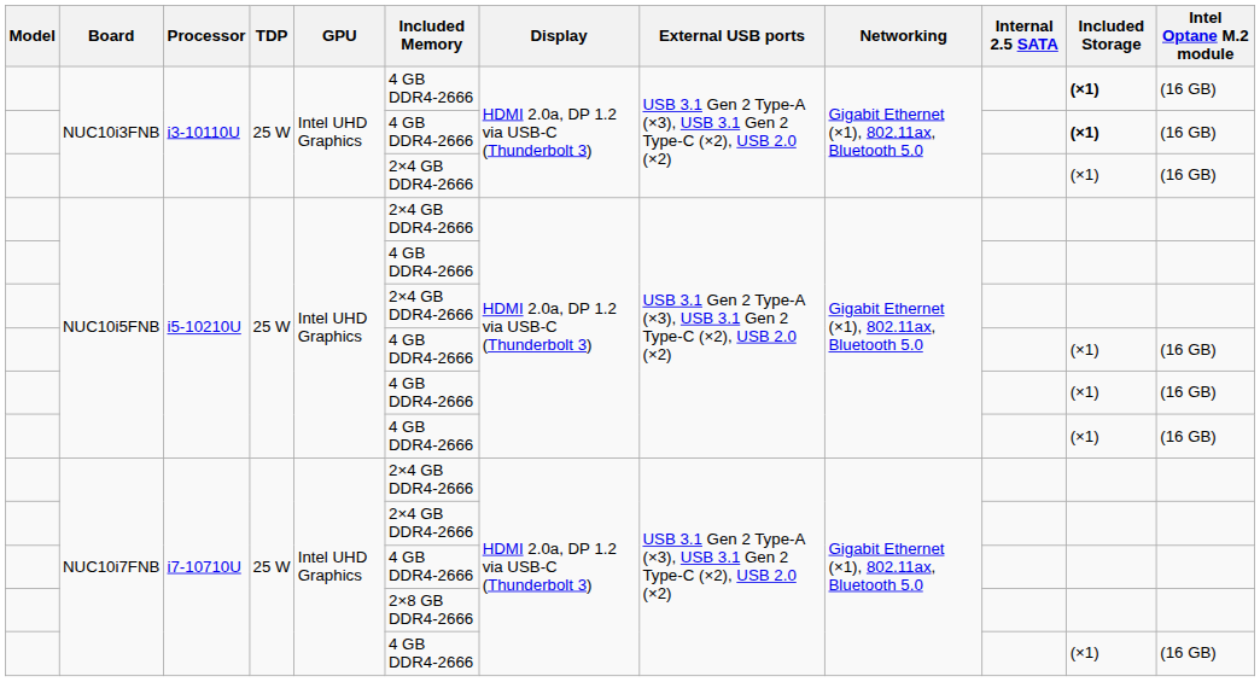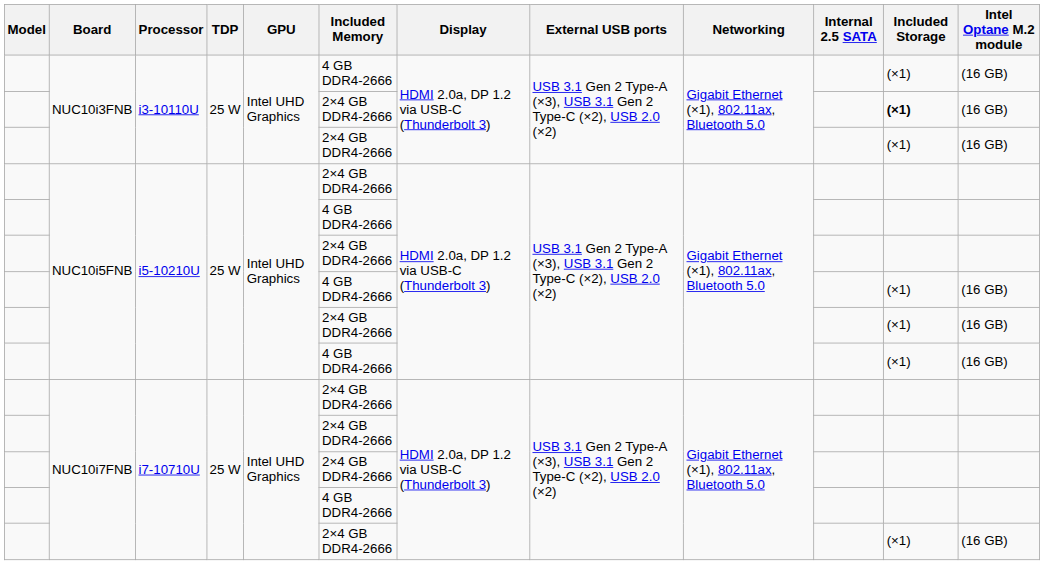 <table class="wikitable">
 <tr>
 <th>Model</th>
 <th>Board</th>
 <th>Processor</th>
 <th>TDP</th>
 <th>GPU</th>
 <th>Included Memory</th>
 <th>Display</th>
 <th>External USB ports</th>
 <th>Networking</th>
 <th>Internal 2.5 <a href='#'>SATA</a></th>
 <th>Included Storage</th>
 <th>Intel <a href='#'>Optane</a> M.2 module</th>
 </tr>
 <tr>
 <td></td>
 <td rowspan="3">NUC10i3FNB</td>
 <td rowspan="3"><a href='#'>i3-10110U</a></td>
 <td rowspan="3">25 W</td>
 <td rowspan="3">Intel UHD Graphics</td>
 <td>4 GB DDR4-2666</td>
 <td rowspan="3"><a href='#'>HDMI</a> 2.0a, DP 1.2 via USB-C (<a href='#'>Thunderbolt 3</a>)</td>
 <td rowspan="3"><a href='#'>USB 3.1</a> Gen 2 Type-A (×3), <a href='#'>USB 3.1</a> Gen 2 Type-C (×2), <a href='#'>USB 2.0</a> (×2)</td>
 <td rowspan="3"><a href='#'>Gigabit Ethernet</a> (×1), <a href='#'>802.11ax</a>, <a href='#'>Bluetooth 5.0</a></td>
 <td></td>
-<td><strong> (×1)</strong></td>
+<td> (×1)</td>
 <td> (16 GB)</td>
 </tr>
 <tr>
 <td></td>
-<td>4 GB DDR4-2666</td>
+<td>2×4 GB DDR4-2666</td>
 <td></td>
 <td><strong> (×1)</strong></td>
 <td> (16 GB)</td>
 </tr>
 <tr>
 <td></td>
 <td>2×4 GB DDR4-2666</td>
 <td></td>
 <td> (×1)</td>
 <td> (16 GB)</td>
 </tr>
 <tr>
 <td></td>
 <td rowspan="6">NUC10i5FNB</td>
 <td rowspan="6"><a href='#'>i5-10210U</a></td>
 <td rowspan="6">25 W</td>
 <td rowspan="6">Intel UHD Graphics</td>
 <td>2×4 GB DDR4-2666</td>
 <td rowspan="6"><a href='#'>HDMI</a> 2.0a, DP 1.2 via USB-C (<a href='#'>Thunderbolt 3</a>)</td>
 <td rowspan="6"><a href='#'>USB 3.1</a> Gen 2 Type-A (×3), <a href='#'>USB 3.1</a> Gen 2 Type-C (×2), <a href='#'>USB 2.0</a> (×2)</td>
 <td rowspan="6"><a href='#'>Gigabit Ethernet</a> (×1), <a href='#'>802.11ax</a>, <a href='#'>Bluetooth 5.0</a></td>
 <td></td>
 <td></td>
 <td></td>
 </tr>
 <tr>
 <td></td>
 <td>4 GB DDR4-2666</td>
 <td></td>
 <td></td>
 <td></td>
 </tr>
 <tr>
 <td></td>
 <td>2×4 GB DDR4-2666</td>
 <td></td>
 <td></td>
 <td></td>
 </tr>
 <tr>
 <td></td>
 <td>4 GB DDR4-2666</td>
 <td></td>
 <td> (×1)</td>
 <td> (16 GB)</td>
 </tr>
 <tr>
 <td></td>
-<td>4 GB DDR4-2666</td>
+<td>2×4 GB DDR4-2666</td>
 <td></td>
 <td> (×1)</td>
 <td> (16 GB)</td>
 </tr>
 <tr>
 <td></td>
 <td>4 GB DDR4-2666</td>
 <td></td>
 <td> (×1)</td>
 <td> (16 GB)</td>
 </tr>
 <tr>
 <td></td>
 <td rowspan="5">NUC10i7FNB</td>
 <td rowspan="5"><a href='#'>i7-10710U</a></td>
 <td rowspan="5">25 W</td>
 <td rowspan="5">Intel UHD Graphics</td>
 <td>2×4 GB DDR4-2666</td>
 <td rowspan="5"><a href='#'>HDMI</a> 2.0a, DP 1.2 via USB-C (<a href='#'>Thunderbolt 3</a>)</td>
 <td rowspan="5"><a href='#'>USB 3.1</a> Gen 2 Type-A (×3), <a href='#'>USB 3.1</a> Gen 2 Type-C (×2), <a href='#'>USB 2.0</a> (×2)</td>
 <td rowspan="5"><a href='#'>Gigabit Ethernet</a> (×1), <a href='#'>802.11ax</a>, <a href='#'>Bluetooth 5.0</a></td>
 <td></td>
 <td></td>
 <td></td>
 </tr>
 <tr>
 <td></td>
 <td>2×4 GB DDR4-2666</td>
 <td></td>
 <td></td>
 <td></td>
 </tr>
 <tr>
 <td></td>
-<td>4 GB DDR4-2666</td>
-<td></td>
-<td></td>
-<td></td>
-</tr>
-<tr>
-<td></td>
-<td>2×8 GB DDR4-2666</td>
+<td>2×4 GB DDR4-2666</td>
 <td></td>
 <td></td>
 <td></td>
 </tr>
 <tr>
 <td></td>
 <td>4 GB DDR4-2666</td>
 <td></td>
+<td></td>
+<td></td>
+</tr>
+<tr>
+<td></td>
+<td>2×4 GB DDR4-2666</td>
+<td></td>
 <td> (×1)</td>
 <td> (16 GB)</td>
 </tr>
 </table>
